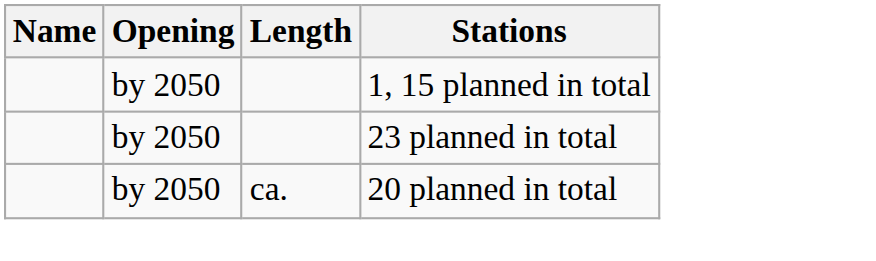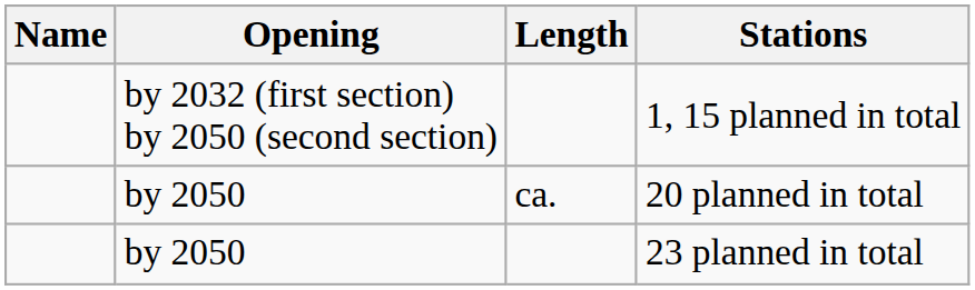 <table class="wikitable">
 <tr>
 <th>Name</th>
 <th>Opening</th>
 <th>Length</th>
 <th>Stations</th>
 </tr>
 <tr>
 <td style="background: #"></td>
-<td>by 2050</td>
+<td>by 2032 (first section)<br>by 2050 (second section)</td>
 <td></td>
 <td>1, 15 planned in total</td>
+</tr>
+<tr>
+<td style="background: #"></td>
+<td>by 2050</td>
+<td>ca. </td>
+<td>20 planned in total</td>
 </tr>
 <tr>
 <td style="background: #"></td>
 <td>by 2050</td>
 <td></td>
 <td>23 planned in total</td>
 </tr>
-<tr>
-<td style="background: #"></td>
-<td>by 2050</td>
-<td>ca. </td>
-<td>20 planned in total</td>
-</tr>
 </table>
